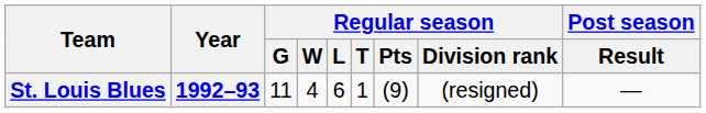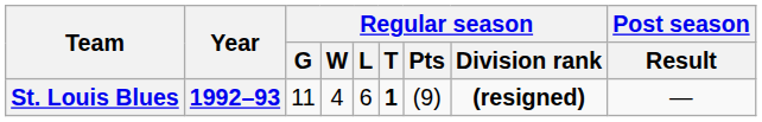 <table class="wikitable" style="font-size: 95%; text-align:center;">
 <tr>
 <th rowspan="2">Team</th>
 <th rowspan="2">Year</th>
 <th colspan="6"><a href='#'>Regular season</a></th>
 <th><a href='#'>Post season</a></th>
 </tr>
 <tr>
 <th>G</th>
 <th>W</th>
 <th>L</th>
 <th>T</th>
 <th>Pts</th>
 <th>Division rank</th>
 <th>Result</th>
 </tr>
 <tr>
 <th><a href='#'>St. Louis Blues</a></th>
 <th><a href='#'>1992–93</a></th>
 <td>11</td>
 <td>4</td>
 <td>6</td>
-<td>1</td>
+<td><strong>1</strong></td>
 <td>(9)</td>
-<td>(resigned)</td>
+<td><strong>(resigned)</strong></td>
 <td>—</td>
 </tr>
 </table>
